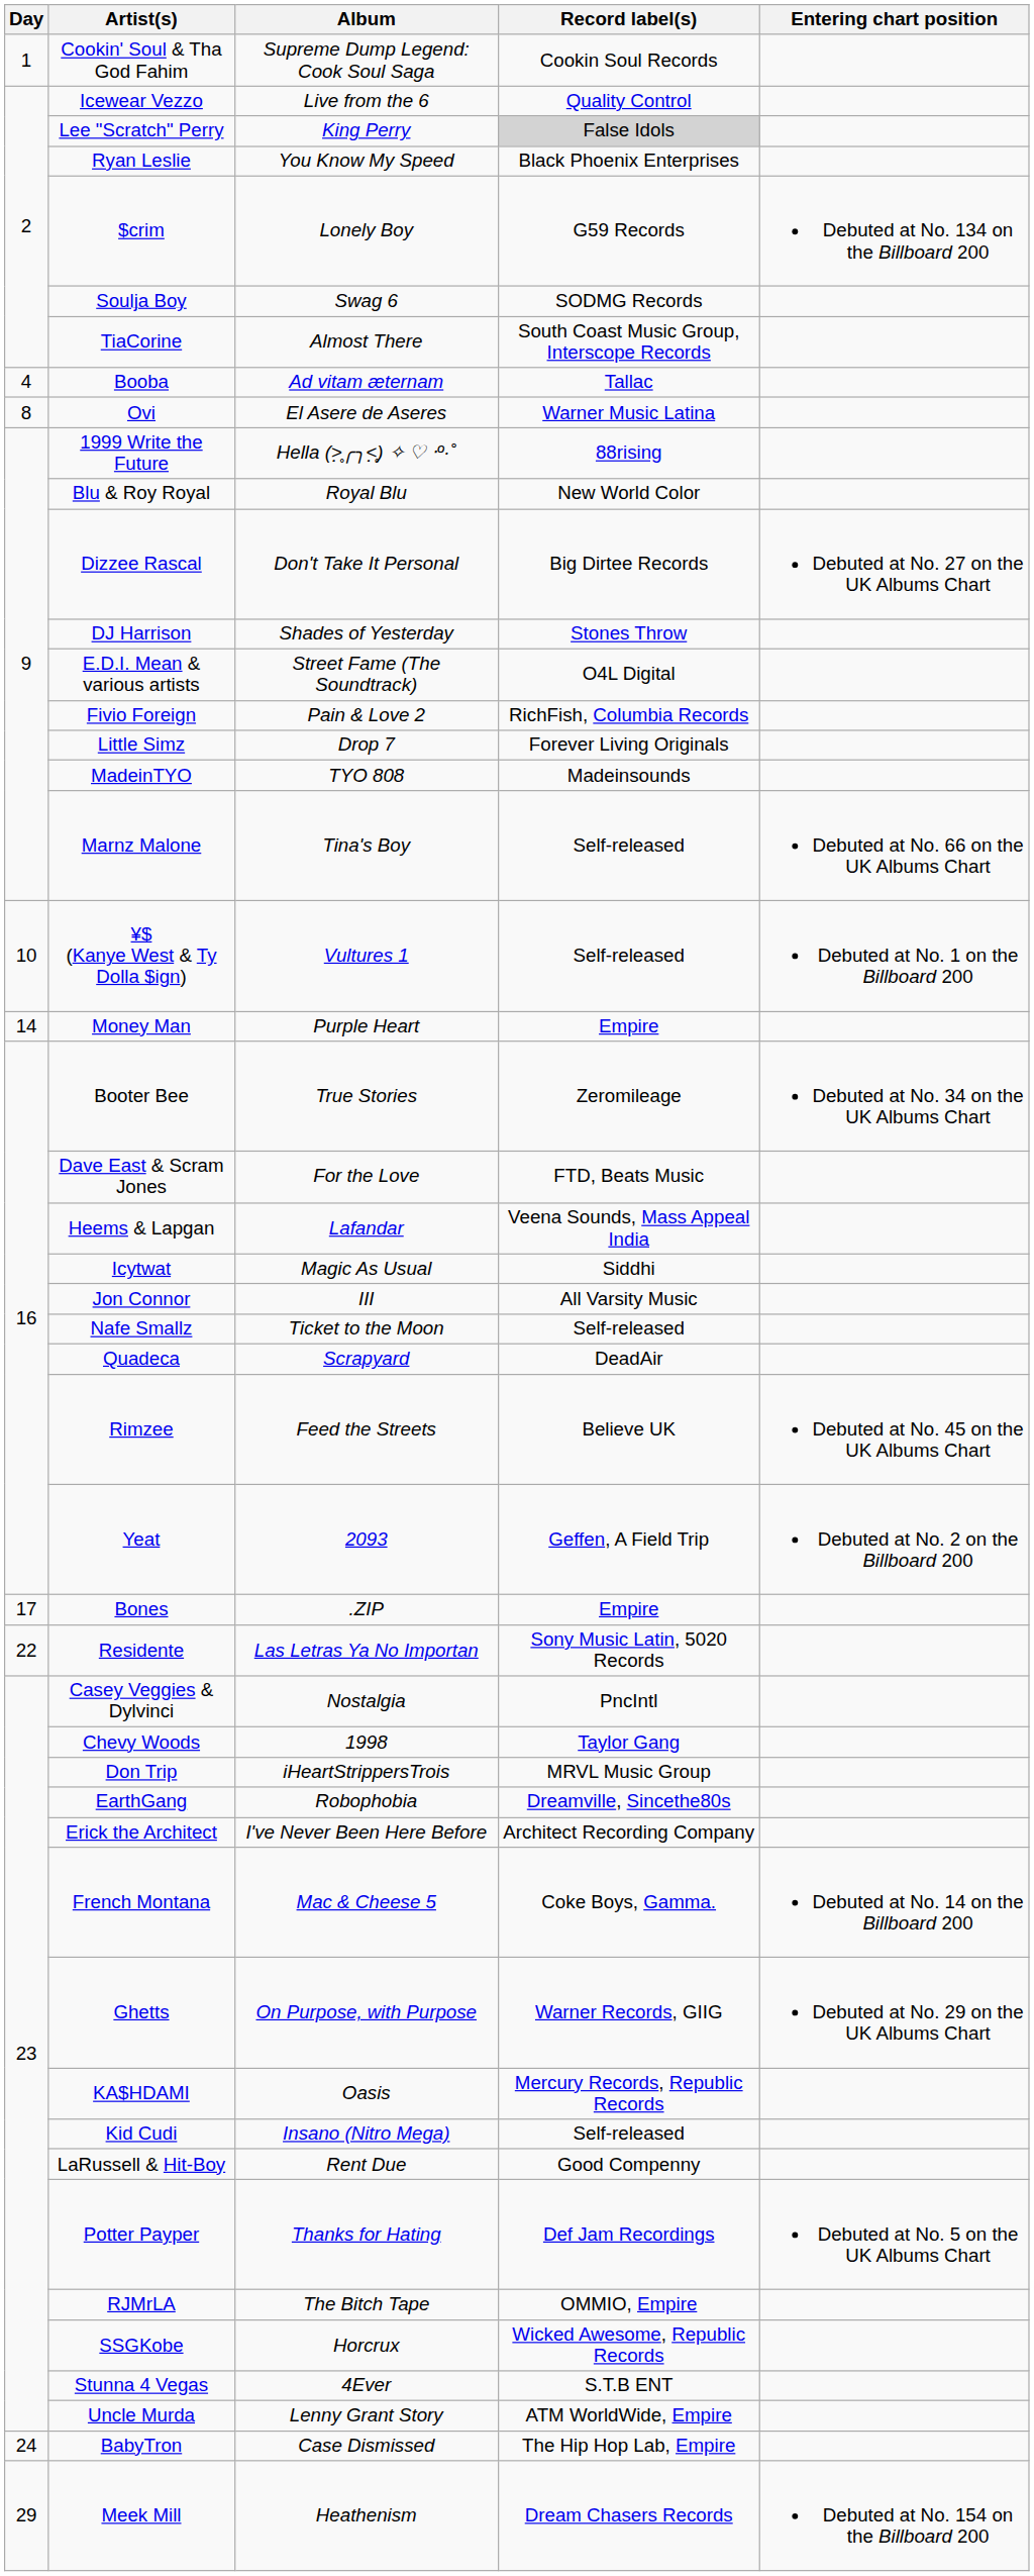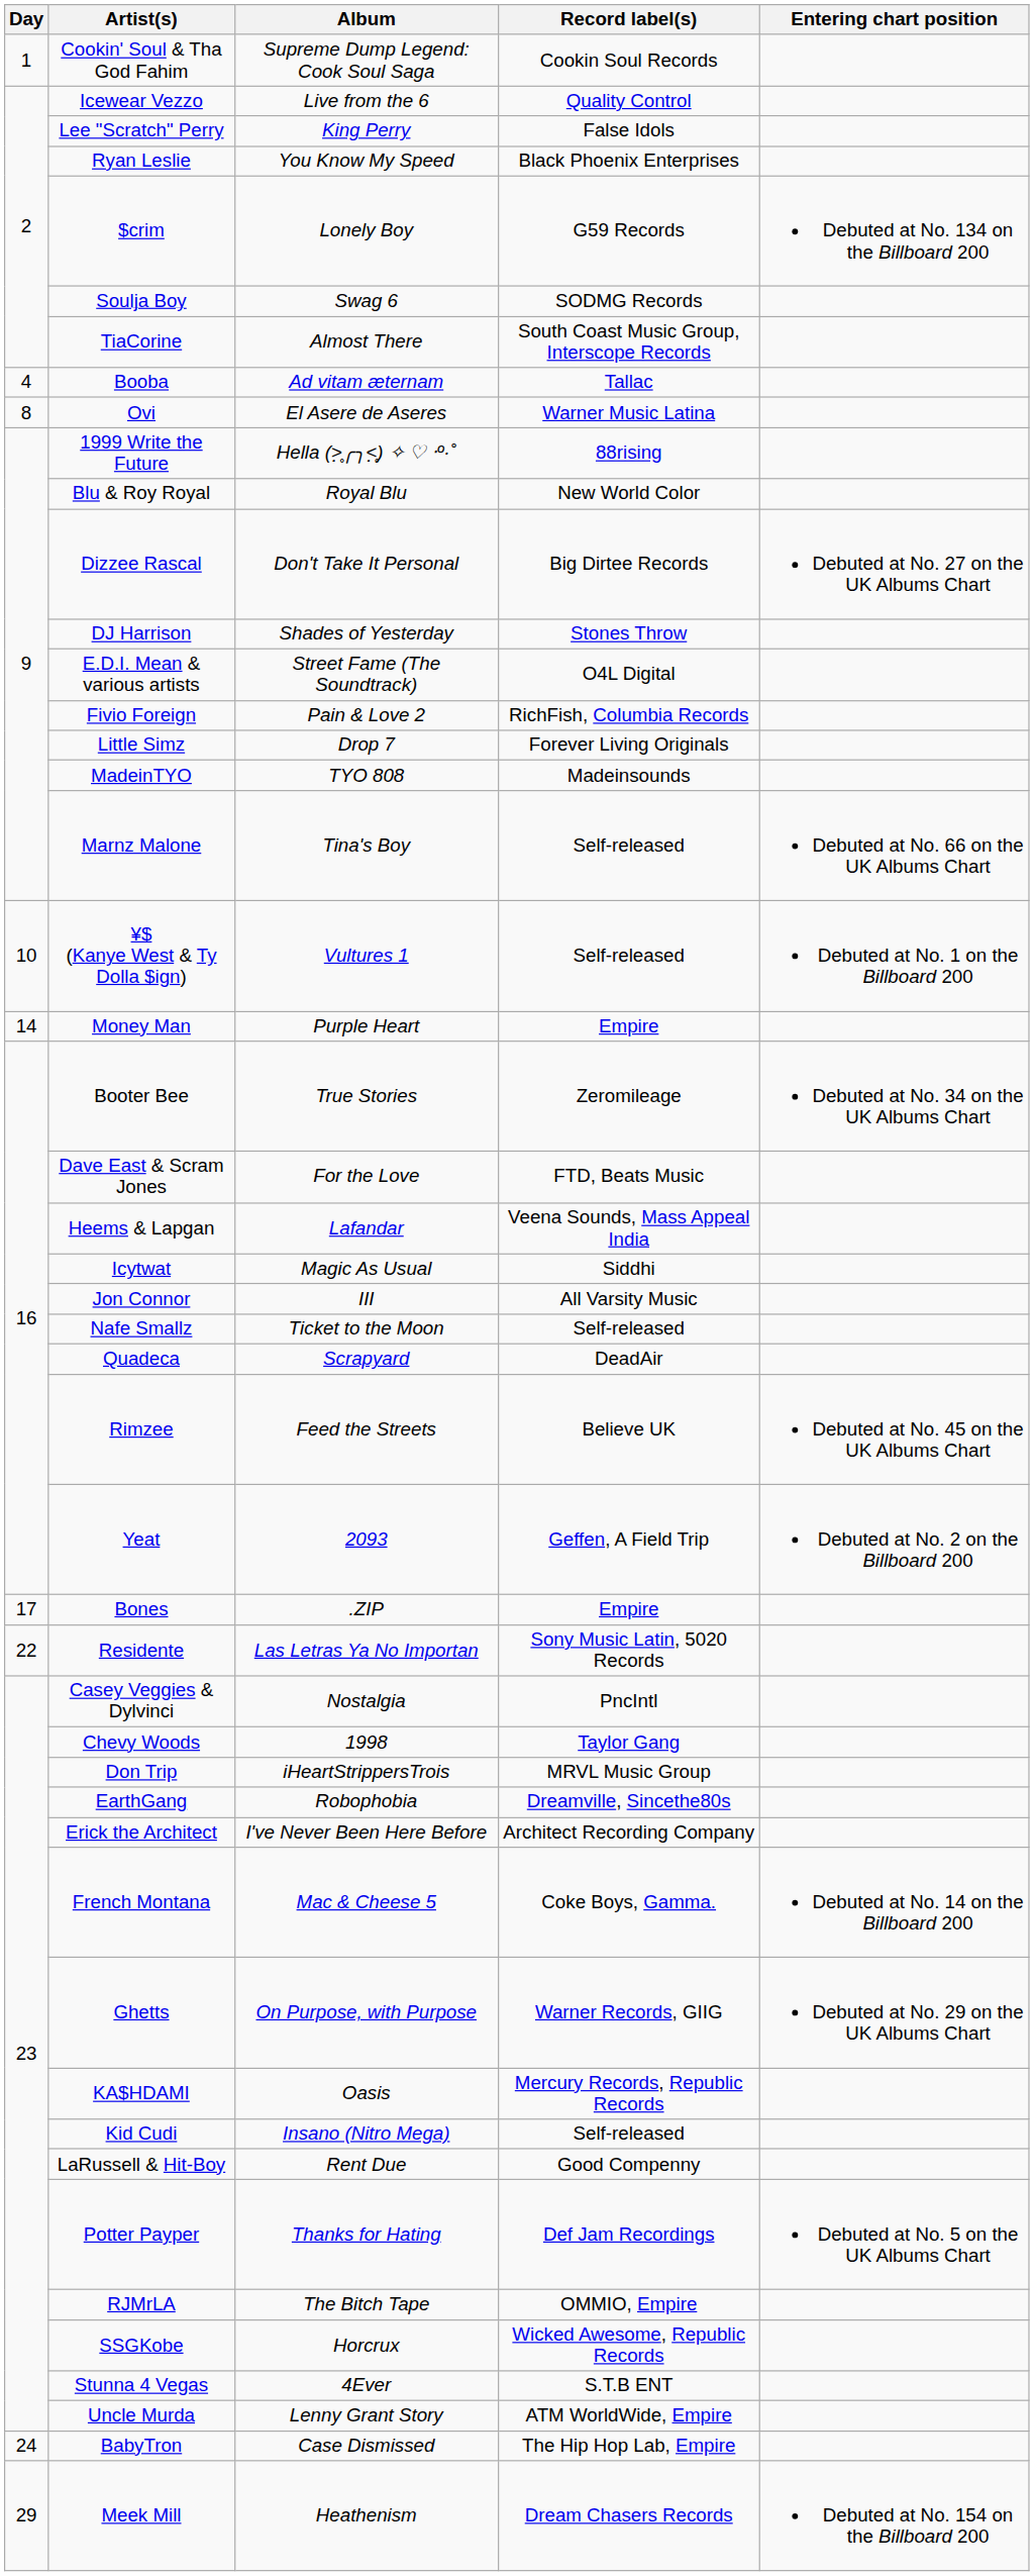 <table class="wikitable" style="text-align:center;">
 <tr>
 <th scope="col">Day</th>
 <th scope="col">Artist(s)</th>
 <th scope="col">Album</th>
 <th scope="col">Record label(s)</th>
 <th scope="col">Entering chart position</th>
 </tr>
 <tr>
 <td>1</td>
 <td><a href='#'>Cookin' Soul</a> & Tha God Fahim</td>
 <td><em>Supreme Dump Legend: Cook Soul Saga</em></td>
 <td>Cookin Soul Records</td>
 <td></td>
 </tr>
 <tr>
 <td rowspan="6">2</td>
 <td><a href='#'>Icewear Vezzo</a></td>
 <td><em>Live from the 6</em></td>
 <td><a href='#'>Quality Control</a></td>
 <td></td>
 </tr>
 <tr>
 <td><a href='#'>Lee "Scratch" Perry</a></td>
 <td><em><a href='#'>King Perry</a></em></td>
-<td style="background: lightgrey;">False Idols</td>
+<td>False Idols</td>
 <td></td>
 </tr>
 <tr>
 <td><a href='#'>Ryan Leslie</a></td>
 <td><em>You Know My Speed</em></td>
 <td>Black Phoenix Enterprises</td>
 <td></td>
 </tr>
 <tr>
 <td><a href='#'>$crim</a></td>
 <td><em>Lonely Boy</em></td>
 <td>G59 Records</td>
 <td><br><ul><li>Debuted at No. 134 on the <em>Billboard</em> 200</li></ul></td>
 </tr>
 <tr>
 <td><a href='#'>Soulja Boy</a></td>
 <td><em>Swag 6</em></td>
 <td>SODMG Records</td>
 <td></td>
 </tr>
 <tr>
 <td><a href='#'>TiaCorine</a></td>
 <td><em>Almost There</em></td>
 <td>South Coast Music Group, <a href='#'>Interscope Records</a></td>
 <td></td>
 </tr>
 <tr>
 <td>4</td>
 <td><a href='#'>Booba</a></td>
 <td><em><a href='#'>Ad vitam æternam</a></em></td>
 <td><a href='#'>Tallac</a></td>
 <td></td>
 </tr>
 <tr>
 <td>8</td>
 <td><a href='#'>Ovi</a></td>
 <td><em>El Asere de Aseres</em></td>
 <td><a href='#'>Warner Music Latina</a></td>
 <td></td>
 </tr>
 <tr>
 <td rowspan="9">9</td>
 <td><a href='#'>1999 Write the Future</a></td>
 <td><em>Hella (˃̣̣̥╭╮˂̣̣̥) ✧ ♡ ‧º·˚</em></td>
 <td><a href='#'>88rising</a></td>
 <td></td>
 </tr>
 <tr>
 <td><a href='#'>Blu</a> & Roy Royal</td>
 <td><em>Royal Blu</em></td>
 <td>New World Color</td>
 <td></td>
 </tr>
 <tr>
 <td><a href='#'>Dizzee Rascal</a></td>
 <td><em>Don't Take It Personal</em></td>
 <td>Big Dirtee Records</td>
 <td><br><ul><li>Debuted at No. 27 on the UK Albums Chart</li></ul></td>
 </tr>
 <tr>
 <td><a href='#'>DJ Harrison</a></td>
 <td><em>Shades of Yesterday</em></td>
 <td><a href='#'>Stones Throw</a></td>
 <td></td>
 </tr>
 <tr>
 <td><a href='#'>E.D.I. Mean</a> & various artists</td>
 <td><em>Street Fame (The Soundtrack)</em></td>
 <td>O4L Digital</td>
 <td></td>
 </tr>
 <tr>
 <td><a href='#'>Fivio Foreign</a></td>
 <td><em>Pain & Love 2</em></td>
 <td>RichFish, <a href='#'>Columbia Records</a></td>
 <td></td>
 </tr>
 <tr>
 <td><a href='#'>Little Simz</a></td>
 <td><em>Drop 7</em></td>
 <td>Forever Living Originals</td>
 <td></td>
 </tr>
 <tr>
 <td><a href='#'>MadeinTYO</a></td>
 <td><em>TYO 808</em></td>
 <td>Madeinsounds</td>
 <td></td>
 </tr>
 <tr>
 <td><a href='#'>Marnz Malone</a></td>
 <td><em>Tina's Boy</em></td>
 <td>Self-released</td>
 <td><br><ul><li>Debuted at No. 66 on the UK Albums Chart</li></ul></td>
 </tr>
 <tr>
 <td>10</td>
 <td><a href='#'>¥$</a> <br> (<a href='#'>Kanye West</a> & <a href='#'>Ty Dolla $ign</a>)</td>
 <td><em><a href='#'>Vultures 1</a></em></td>
 <td>Self-released</td>
 <td><br><ul><li>Debuted at No. 1 on the <em>Billboard</em> 200</li></ul></td>
 </tr>
 <tr>
 <td>14</td>
 <td><a href='#'>Money Man</a></td>
 <td><em>Purple Heart</em></td>
 <td><a href='#'>Empire</a></td>
 <td></td>
 </tr>
 <tr>
 <td rowspan="9">16</td>
 <td>Booter Bee</td>
 <td><em>True Stories</em></td>
 <td>Zeromileage</td>
 <td><br><ul><li>Debuted at No. 34 on the UK Albums Chart</li></ul></td>
 </tr>
 <tr>
 <td><a href='#'>Dave East</a> & Scram Jones</td>
 <td><em>For the Love</em></td>
 <td>FTD, Beats Music</td>
 <td></td>
 </tr>
 <tr>
 <td><a href='#'>Heems</a> & Lapgan</td>
 <td><em><a href='#'>Lafandar</a></em></td>
 <td>Veena Sounds, <a href='#'>Mass Appeal India</a></td>
 <td></td>
 </tr>
 <tr>
 <td><a href='#'>Icytwat</a></td>
 <td><em>Magic As Usual</em></td>
 <td>Siddhi</td>
 <td></td>
 </tr>
 <tr>
 <td><a href='#'>Jon Connor</a></td>
 <td><em>III</em></td>
 <td>All Varsity Music</td>
 <td></td>
 </tr>
 <tr>
 <td><a href='#'>Nafe Smallz</a></td>
 <td><em>Ticket to the Moon</em></td>
 <td>Self-released</td>
 <td></td>
 </tr>
 <tr>
 <td><a href='#'>Quadeca</a></td>
 <td><em><a href='#'>Scrapyard</a></em></td>
 <td>DeadAir</td>
 <td></td>
 </tr>
 <tr>
 <td><a href='#'>Rimzee</a></td>
 <td><em>Feed the Streets</em></td>
 <td>Believe UK</td>
 <td><br><ul><li>Debuted at No. 45 on the UK Albums Chart</li></ul></td>
 </tr>
 <tr>
 <td><a href='#'>Yeat</a></td>
 <td><em><a href='#'>2093</a></em></td>
 <td><a href='#'>Geffen</a>, A Field Trip</td>
 <td><br><ul><li>Debuted at No. 2 on the <em>Billboard</em> 200</li></ul></td>
 </tr>
 <tr>
 <td>17</td>
 <td><a href='#'>Bones</a></td>
 <td><em>.ZIP</em></td>
 <td><a href='#'>Empire</a></td>
 <td></td>
 </tr>
 <tr>
 <td>22</td>
 <td><a href='#'>Residente</a></td>
 <td><em><a href='#'>Las Letras Ya No Importan</a></em></td>
 <td><a href='#'>Sony Music Latin</a>, 5020 Records</td>
 <td></td>
 </tr>
 <tr>
 <td rowspan="15">23</td>
 <td><a href='#'>Casey Veggies</a> & Dylvinci</td>
 <td><em>Nostalgia</em></td>
 <td>PncIntl</td>
 <td></td>
 </tr>
 <tr>
 <td><a href='#'>Chevy Woods</a></td>
 <td><em>1998</em></td>
 <td><a href='#'>Taylor Gang</a></td>
 <td></td>
 </tr>
 <tr>
 <td><a href='#'>Don Trip</a></td>
 <td><em>iHeartStrippersTrois</em></td>
 <td>MRVL Music Group</td>
 <td></td>
 </tr>
 <tr>
 <td><a href='#'>EarthGang</a></td>
 <td><em>Robophobia</em></td>
 <td><a href='#'>Dreamville</a>, <a href='#'>Sincethe80s</a></td>
 <td></td>
 </tr>
 <tr>
 <td><a href='#'>Erick the Architect</a></td>
 <td><em>I've Never Been Here Before</em></td>
 <td>Architect Recording Company</td>
 <td></td>
 </tr>
 <tr>
 <td><a href='#'>French Montana</a></td>
 <td><em><a href='#'>Mac & Cheese 5</a></em></td>
 <td>Coke Boys, <a href='#'>Gamma.</a></td>
 <td><br><ul><li>Debuted at No. 14 on the <em>Billboard</em> 200</li></ul></td>
 </tr>
 <tr>
 <td><a href='#'>Ghetts</a></td>
 <td><em><a href='#'>On Purpose, with Purpose</a></em></td>
 <td><a href='#'>Warner Records</a>, GIIG</td>
 <td><br><ul><li>Debuted at No. 29 on the UK Albums Chart</li></ul></td>
 </tr>
 <tr>
 <td><a href='#'>KA$HDAMI</a></td>
 <td><em>Oasis</em></td>
 <td><a href='#'>Mercury Records</a>, <a href='#'>Republic Records</a></td>
 <td></td>
 </tr>
 <tr>
 <td><a href='#'>Kid Cudi</a></td>
 <td><em><a href='#'>Insano (Nitro Mega)</a></em></td>
 <td>Self-released</td>
 <td></td>
 </tr>
 <tr>
 <td>LaRussell & <a href='#'>Hit-Boy</a></td>
 <td><em>Rent Due</em></td>
 <td>Good Compenny</td>
 <td></td>
 </tr>
 <tr>
 <td><a href='#'>Potter Payper</a></td>
 <td><em><a href='#'>Thanks for Hating</a></em></td>
 <td><a href='#'>Def Jam Recordings</a></td>
 <td><br><ul><li>Debuted at No. 5 on the UK Albums Chart</li></ul></td>
 </tr>
 <tr>
 <td><a href='#'>RJMrLA</a></td>
 <td><em>The Bitch Tape</em></td>
 <td>OMMIO, <a href='#'>Empire</a></td>
 <td></td>
 </tr>
 <tr>
 <td><a href='#'>SSGKobe</a></td>
 <td><em>Horcrux</em></td>
 <td><a href='#'>Wicked Awesome</a>, <a href='#'>Republic Records</a></td>
 <td></td>
 </tr>
 <tr>
 <td><a href='#'>Stunna 4 Vegas</a></td>
 <td><em>4Ever</em></td>
 <td>S.T.B ENT</td>
 <td></td>
 </tr>
 <tr>
 <td><a href='#'>Uncle Murda</a></td>
 <td><em>Lenny Grant Story</em></td>
 <td>ATM WorldWide, <a href='#'>Empire</a></td>
 <td></td>
 </tr>
 <tr>
 <td>24</td>
 <td><a href='#'>BabyTron</a></td>
 <td><em>Case Dismissed</em></td>
 <td>The Hip Hop Lab, <a href='#'>Empire</a></td>
 <td></td>
 </tr>
 <tr>
 <td>29</td>
 <td><a href='#'>Meek Mill</a></td>
 <td><em>Heathenism</em></td>
 <td><a href='#'>Dream Chasers Records</a></td>
 <td><br><ul><li>Debuted at No. 154 on the <em>Billboard</em> 200</li></ul></td>
 </tr>
 </table>
